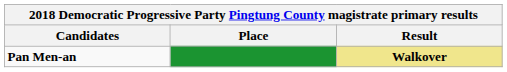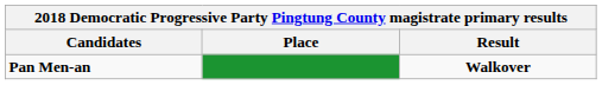 <table class="wikitable collapsible">
 <tr>
 <th colspan="5" width=600>2018 Democratic Progressive Party <a href='#'>Pingtung County</a> magistrate primary results</th>
 </tr>
 <tr>
 <th width=80>Candidates</th>
 <th width=80>Place</th>
 <th width=80>Result</th>
 </tr>
 <tr>
 <td><strong>Pan Men-an</strong></td>
 <td style="background: #1B9431; text-align:center"><strong></strong></td>
-<td style="background: khaki; text-align:center"><strong>Walkover</strong></td>
+<td style="text-align:center"><strong>Walkover</strong></td>
 </tr>
 </table>
